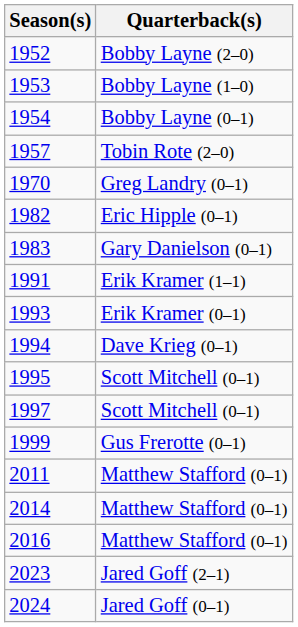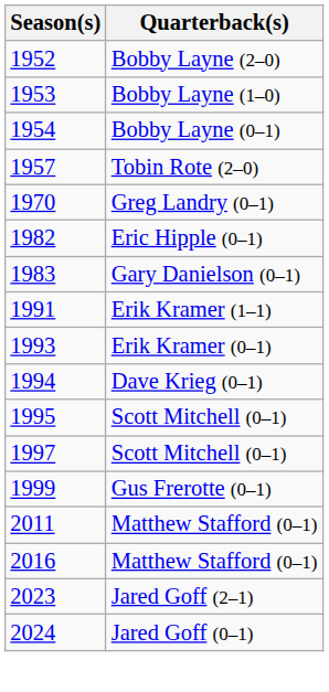 <table class="wikitable">
 <tr>
 <th>Season(s)</th>
 <th>Quarterback(s)</th>
 </tr>
 <tr>
 <td><a href='#'>1952</a></td>
 <td><a href='#'>Bobby Layne</a> <small>(2–0)</small></td>
 </tr>
 <tr>
 <td><a href='#'>1953</a></td>
 <td><a href='#'>Bobby Layne</a> <small>(1–0)</small></td>
 </tr>
 <tr>
 <td><a href='#'>1954</a></td>
 <td><a href='#'>Bobby Layne</a> <small>(0–1)</small></td>
 </tr>
 <tr>
 <td><a href='#'>1957</a></td>
 <td><a href='#'>Tobin Rote</a> <small>(2–0)</small></td>
 </tr>
 <tr>
 <td><a href='#'>1970</a></td>
 <td><a href='#'>Greg Landry</a> <small>(0–1)</small></td>
 </tr>
 <tr>
 <td><a href='#'>1982</a></td>
 <td><a href='#'>Eric Hipple</a> <small>(0–1)</small></td>
 </tr>
 <tr>
 <td><a href='#'>1983</a></td>
 <td><a href='#'>Gary Danielson</a> <small>(0–1)</small></td>
 </tr>
 <tr>
 <td><a href='#'>1991</a></td>
 <td><a href='#'>Erik Kramer</a> <small>(1–1)</small></td>
 </tr>
 <tr>
 <td><a href='#'>1993</a></td>
 <td><a href='#'>Erik Kramer</a> <small>(0–1)</small></td>
 </tr>
 <tr>
 <td><a href='#'>1994</a></td>
 <td><a href='#'>Dave Krieg</a> <small>(0–1)</small></td>
 </tr>
 <tr>
 <td><a href='#'>1995</a></td>
 <td><a href='#'>Scott Mitchell</a> <small>(0–1)</small></td>
 </tr>
 <tr>
 <td><a href='#'>1997</a></td>
 <td><a href='#'>Scott Mitchell</a> <small>(0–1)</small></td>
 </tr>
 <tr>
 <td><a href='#'>1999</a></td>
 <td><a href='#'>Gus Frerotte</a> <small>(0–1)</small></td>
 </tr>
 <tr>
 <td><a href='#'>2011</a></td>
 <td><a href='#'>Matthew Stafford</a> <small>(0–1)</small></td>
 </tr>
 <tr>
-<td><a href='#'>2014</a></td>
-<td><a href='#'>Matthew Stafford</a> <small>(0–1)</small></td>
-</tr>
-<tr>
 <td><a href='#'>2016</a></td>
 <td><a href='#'>Matthew Stafford</a> <small>(0–1)</small></td>
 </tr>
 <tr>
 <td><a href='#'>2023</a></td>
 <td><a href='#'>Jared Goff</a> <small>(2–1)</small></td>
 </tr>
 <tr>
 <td><a href='#'>2024</a></td>
 <td><a href='#'>Jared Goff</a> <small>(0–1)</small></td>
 </tr>
 </table>
